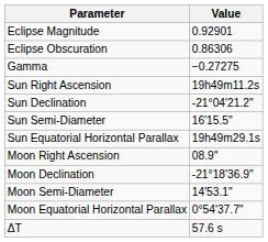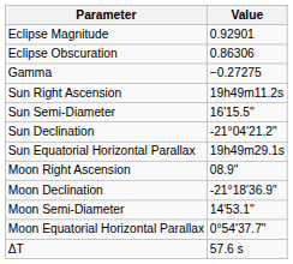 <table class="wikitable">
 <tr>
 <th>Parameter</th>
 <th>Value</th>
 </tr>
 <tr>
 <td>Eclipse Magnitude</td>
 <td>0.92901</td>
 </tr>
 <tr>
 <td>Eclipse Obscuration</td>
 <td>0.86306</td>
 </tr>
 <tr>
 <td>Gamma</td>
 <td>−0.27275</td>
 </tr>
 <tr>
 <td>Sun Right Ascension</td>
 <td>19h49m11.2s</td>
 </tr>
 <tr>
+<td>Sun Semi-Diameter</td>
+<td>16'15.5"</td>
+</tr>
+<tr>
 <td>Sun Declination</td>
 <td>-21°04'21.2"</td>
-</tr>
-<tr>
-<td>Sun Semi-Diameter</td>
-<td>16'15.5"</td>
 </tr>
 <tr>
 <td>Sun Equatorial Horizontal Parallax</td>
 <td>19h49m29.1s</td>
 </tr>
 <tr>
 <td>Moon Right Ascension</td>
 <td>08.9"</td>
 </tr>
 <tr>
 <td>Moon Declination</td>
 <td>-21°18'36.9"</td>
 </tr>
 <tr>
 <td>Moon Semi-Diameter</td>
 <td>14'53.1"</td>
 </tr>
 <tr>
 <td>Moon Equatorial Horizontal Parallax</td>
 <td>0°54'37.7"</td>
 </tr>
 <tr>
 <td>ΔT</td>
 <td>57.6 s</td>
 </tr>
 </table>
